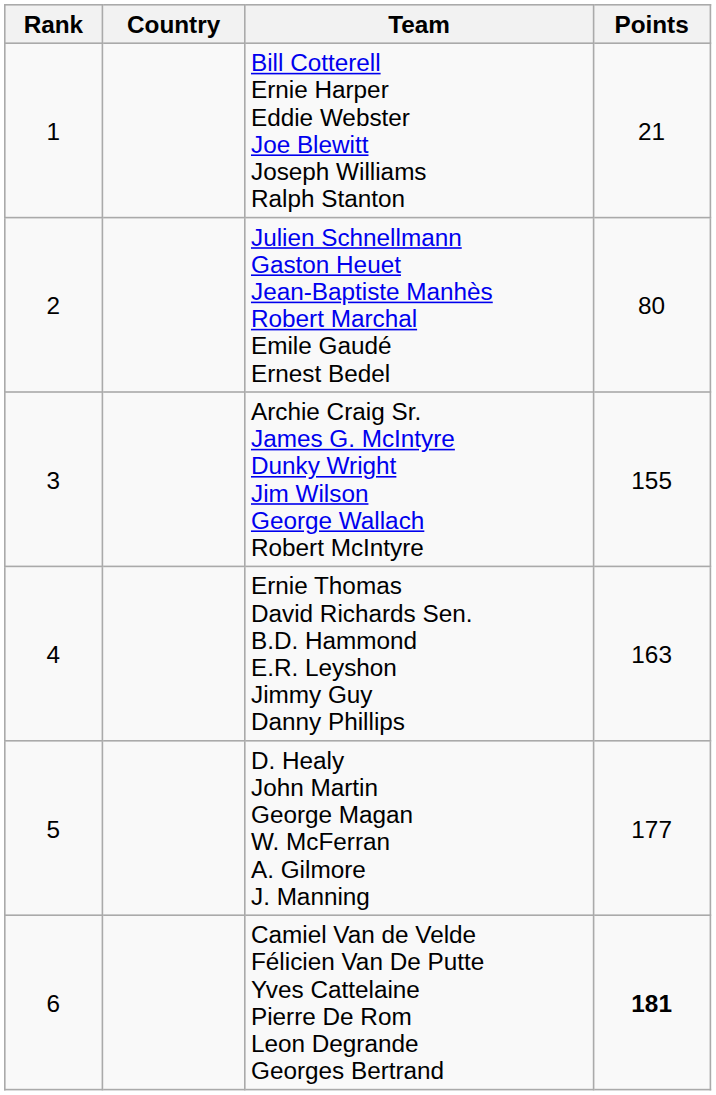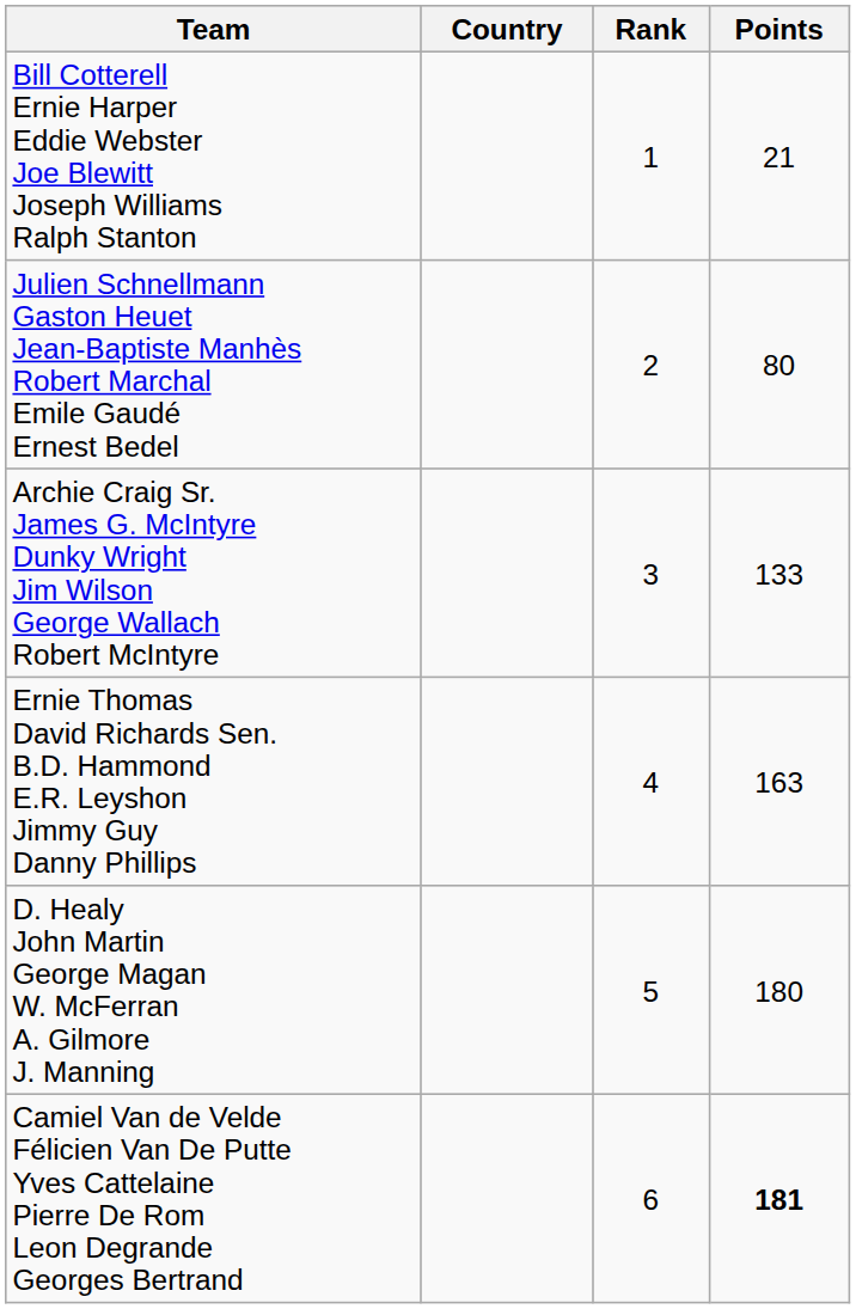 <table class="wikitable sortable" style=" text-align:center; font-size:95%;" width="50%">
 <tr>
+<th>Team</th>
+<th>Country</th>
 <th>Rank</th>
-<th>Country</th>
-<th>Team</th>
 <th>Points</th>
 </tr>
 <tr>
+<td align=left><a href='#'>Bill Cotterell</a><br>Ernie Harper<br>Eddie Webster<br><a href='#'>Joe Blewitt</a><br>Joseph Williams<br>Ralph Stanton</td>
+<td align=left></td>
 <td align=center>1</td>
-<td align=left></td>
-<td align=left><a href='#'>Bill Cotterell</a><br>Ernie Harper<br>Eddie Webster<br><a href='#'>Joe Blewitt</a><br>Joseph Williams<br>Ralph Stanton</td>
 <td>21</td>
 </tr>
 <tr>
+<td align=left><a href='#'>Julien Schnellmann</a><br><a href='#'>Gaston Heuet</a><br><a href='#'>Jean-Baptiste Manhès</a><br><a href='#'>Robert Marchal</a><br>Emile Gaudé<br>Ernest Bedel</td>
+<td align=left></td>
 <td align=center>2</td>
-<td align=left></td>
-<td align=left><a href='#'>Julien Schnellmann</a><br><a href='#'>Gaston Heuet</a><br><a href='#'>Jean-Baptiste Manhès</a><br><a href='#'>Robert Marchal</a><br>Emile Gaudé<br>Ernest Bedel</td>
 <td>80</td>
 </tr>
 <tr>
+<td align=left>Archie Craig Sr.<br><a href='#'>James G. McIntyre</a><br><a href='#'>Dunky Wright</a><br><a href='#'>Jim Wilson</a><br><a href='#'>George Wallach</a><br>Robert McIntyre</td>
+<td align=left></td>
 <td align=center>3</td>
-<td align=left></td>
-<td align=left>Archie Craig Sr.<br><a href='#'>James G. McIntyre</a><br><a href='#'>Dunky Wright</a><br><a href='#'>Jim Wilson</a><br><a href='#'>George Wallach</a><br>Robert McIntyre</td>
-<td>155</td>
+<td>133</td>
 </tr>
 <tr>
+<td align=left>Ernie Thomas<br>David Richards Sen.<br>B.D. Hammond<br>E.R. Leyshon<br>Jimmy Guy<br>Danny Phillips</td>
+<td align=left></td>
 <td align=center>4</td>
-<td align=left></td>
-<td align=left>Ernie Thomas<br>David Richards Sen.<br>B.D. Hammond<br>E.R. Leyshon<br>Jimmy Guy<br>Danny Phillips</td>
 <td>163</td>
 </tr>
 <tr>
+<td align=left>D. Healy<br>John Martin<br>George Magan<br>W. McFerran<br>A. Gilmore<br>J. Manning</td>
+<td align=left></td>
 <td align=center>5</td>
-<td align=left></td>
-<td align=left>D. Healy<br>John Martin<br>George Magan<br>W. McFerran<br>A. Gilmore<br>J. Manning</td>
-<td>177</td>
+<td>180</td>
 </tr>
 <tr>
+<td align=left>Camiel Van de Velde<br>Félicien Van De Putte<br>Yves Cattelaine<br>Pierre De Rom<br>Leon Degrande<br>Georges Bertrand</td>
+<td align=left></td>
 <td align=center>6</td>
-<td align=left></td>
-<td align=left>Camiel Van de Velde<br>Félicien Van De Putte<br>Yves Cattelaine<br>Pierre De Rom<br>Leon Degrande<br>Georges Bertrand</td>
 <td><strong>181</strong></td>
 </tr>
 </table>
